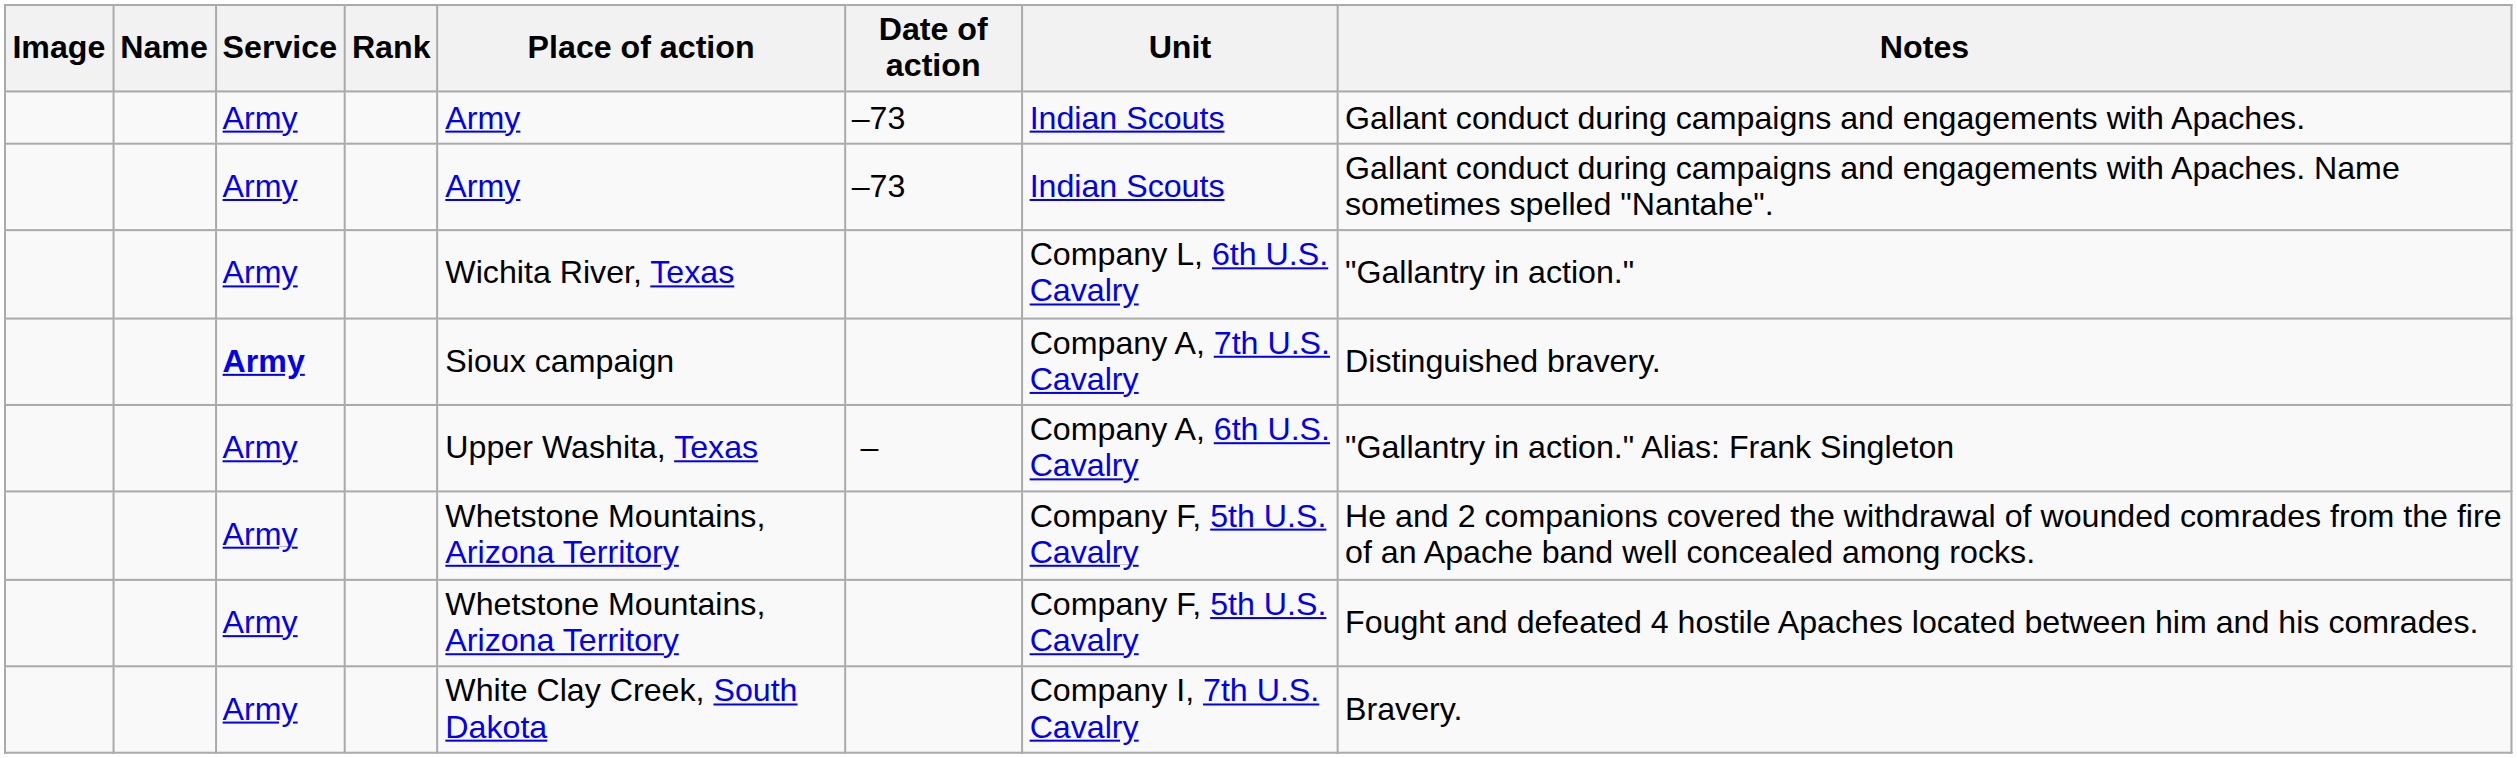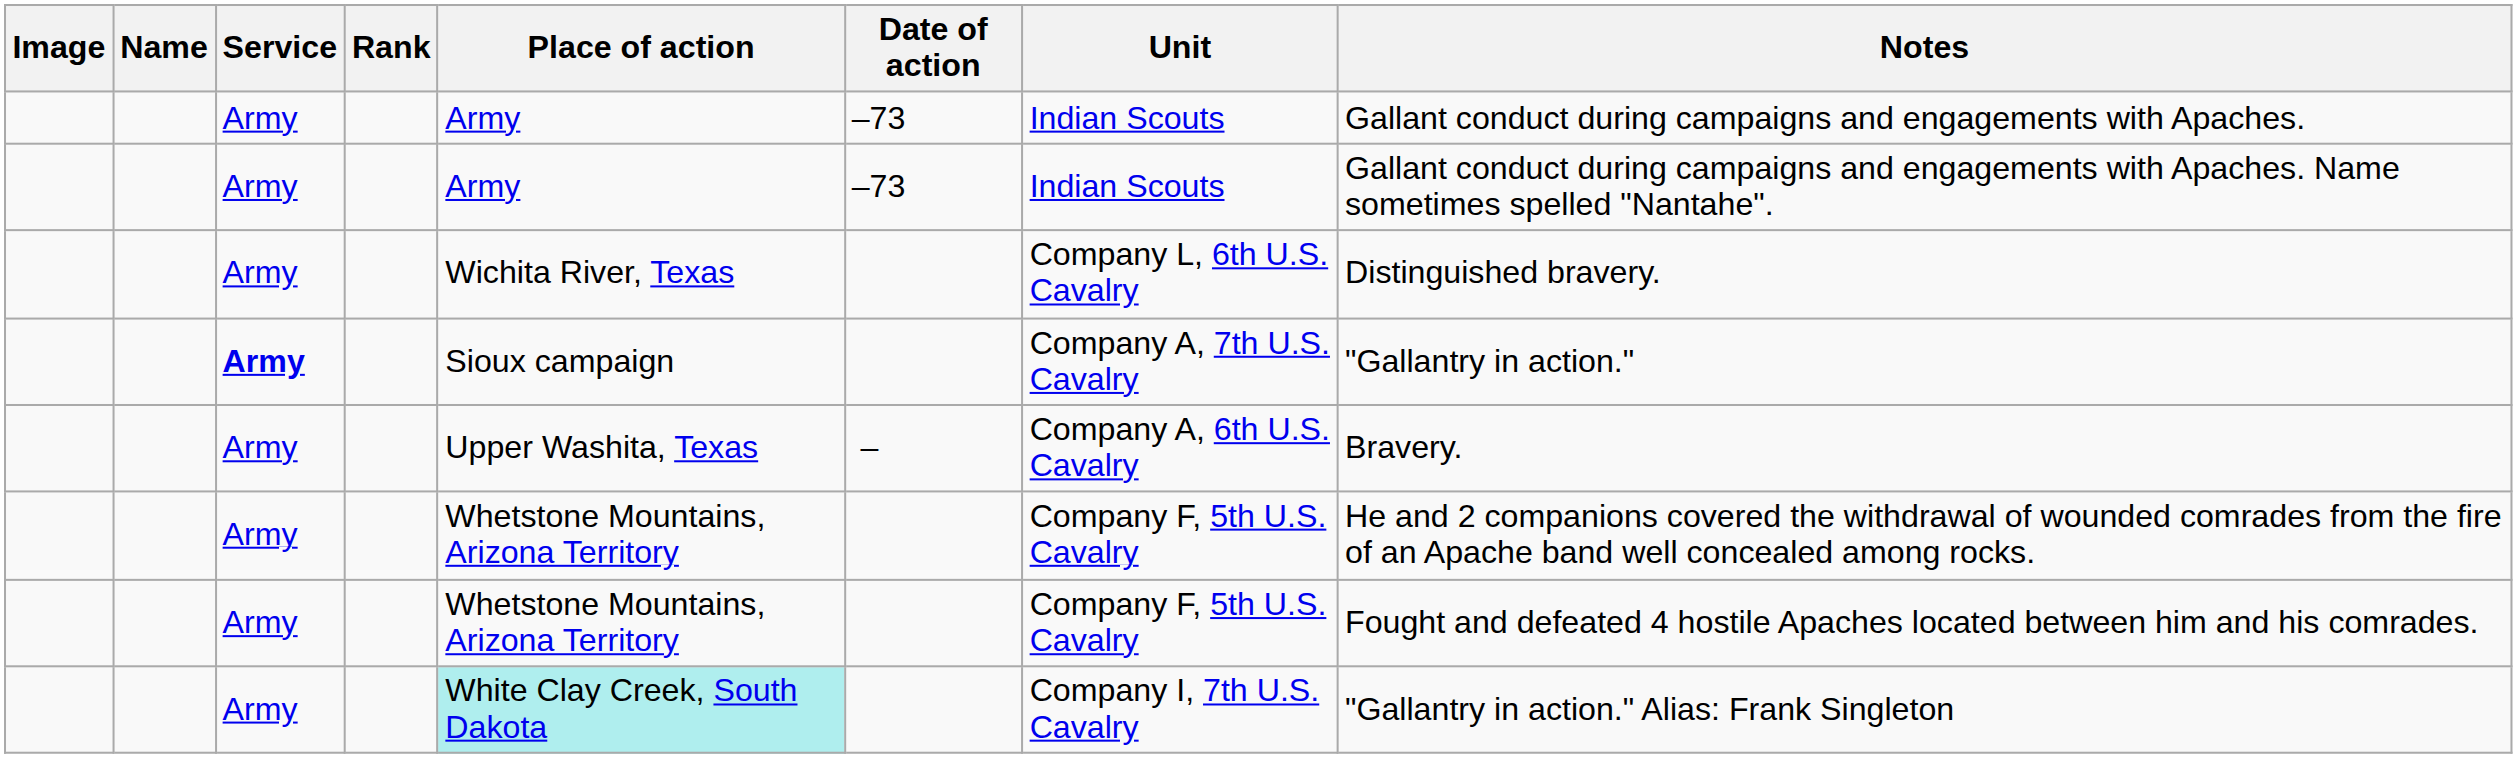 <table class="wikitable sortable">
 <tr>
 <th class="unsortable">Image</th>
 <th>Name</th>
 <th>Service</th>
 <th>Rank</th>
 <th>Place of action</th>
 <th>Date of action</th>
 <th>Unit</th>
 <th class="unsortable">Notes</th>
 </tr>
 <tr>
 <td></td>
 <td></td>
 <td><a href='#'>Army</a></td>
 <td></td>
 <td><a href='#'>Army</a></td>
 <td>–73</td>
 <td><a href='#'>Indian Scouts</a></td>
 <td>Gallant conduct during campaigns and engagements with Apaches.</td>
 </tr>
 <tr>
 <td></td>
 <td></td>
 <td><a href='#'>Army</a></td>
 <td></td>
 <td><a href='#'>Army</a></td>
 <td>–73</td>
 <td><a href='#'>Indian Scouts</a></td>
 <td>Gallant conduct during campaigns and engagements with Apaches. Name sometimes spelled "Nantahe".</td>
 </tr>
 <tr>
 <td></td>
 <td></td>
 <td><a href='#'>Army</a></td>
 <td></td>
 <td>Wichita River, <a href='#'>Texas</a></td>
 <td></td>
 <td>Company L, <a href='#'>6th U.S. Cavalry</a></td>
-<td>"Gallantry in action."</td>
+<td>Distinguished bravery.</td>
 </tr>
 <tr>
 <td></td>
 <td></td>
 <td><strong><a href='#'>Army</a></strong></td>
 <td></td>
 <td>Sioux campaign</td>
 <td></td>
 <td>Company A, <a href='#'>7th U.S. Cavalry</a></td>
-<td>Distinguished bravery.</td>
+<td>"Gallantry in action."</td>
 </tr>
 <tr>
 <td></td>
 <td></td>
 <td><a href='#'>Army</a></td>
 <td></td>
 <td>Upper Washita, <a href='#'>Texas</a></td>
 <td> – </td>
 <td>Company A, <a href='#'>6th U.S. Cavalry</a></td>
-<td>"Gallantry in action." Alias: Frank Singleton</td>
+<td>Bravery.</td>
 </tr>
 <tr>
 <td></td>
 <td></td>
 <td><a href='#'>Army</a></td>
 <td></td>
 <td>Whetstone Mountains, <a href='#'>Arizona Territory</a></td>
 <td></td>
 <td>Company F, <a href='#'>5th U.S. Cavalry</a></td>
 <td>He and 2 companions covered the withdrawal of wounded comrades from the fire of an Apache band well concealed among rocks.</td>
 </tr>
 <tr>
 <td></td>
 <td></td>
 <td><a href='#'>Army</a></td>
 <td></td>
 <td>Whetstone Mountains, <a href='#'>Arizona Territory</a></td>
 <td></td>
 <td>Company F, <a href='#'>5th U.S. Cavalry</a></td>
 <td>Fought and defeated 4 hostile Apaches located between him and his comrades.</td>
 </tr>
 <tr>
 <td></td>
 <td></td>
 <td><a href='#'>Army</a></td>
 <td></td>
-<td>White Clay Creek, <a href='#'>South Dakota</a></td>
+<td style="background: paleturquoise;">White Clay Creek, <a href='#'>South Dakota</a></td>
 <td></td>
 <td>Company I, <a href='#'>7th U.S. Cavalry</a></td>
-<td>Bravery.</td>
+<td>"Gallantry in action." Alias: Frank Singleton</td>
 </tr>
 </table>
